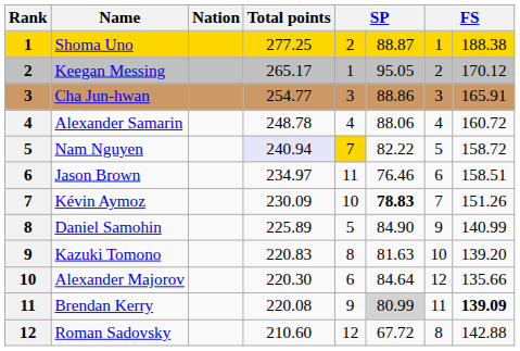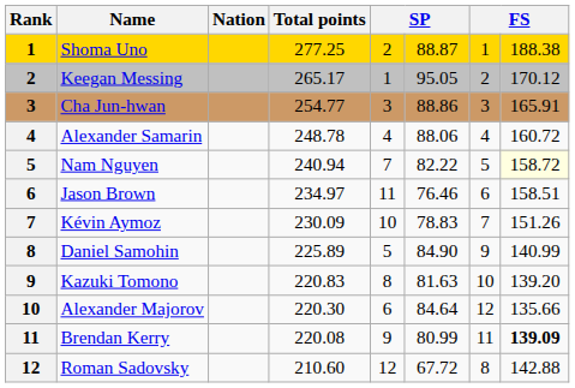 <table class="wikitable sortable">
 <tr>
 <th>Rank</th>
 <th>Name</th>
 <th>Nation</th>
 <th>Total points</th>
 <th colspan="2" width="80px"><a href='#'>SP</a></th>
 <th colspan="2" width="80px"><a href='#'>FS</a></th>
 </tr>
 <tr bgcolor="gold">
 <td align="center"><strong>1</strong></td>
 <td><a href='#'>Shoma Uno</a></td>
 <td></td>
 <td align="center">277.25</td>
 <td align="center">2</td>
 <td align="center">88.87</td>
 <td align="center">1</td>
 <td align="center">188.38</td>
 </tr>
 <tr bgcolor="silver">
 <td align="center"><strong>2</strong></td>
 <td><a href='#'>Keegan Messing</a></td>
 <td></td>
 <td align="center">265.17</td>
 <td align="center">1</td>
 <td align="center">95.05</td>
 <td align="center">2</td>
 <td align="center">170.12</td>
 </tr>
 <tr bgcolor="cc9966">
 <td align="center"><strong>3</strong></td>
 <td><a href='#'>Cha Jun-hwan</a></td>
 <td></td>
 <td align="center">254.77</td>
 <td align="center">3</td>
 <td align="center">88.86</td>
 <td align="center">3</td>
 <td align="center">165.91</td>
 </tr>
 <tr>
 <th>4</th>
 <td><a href='#'>Alexander Samarin</a></td>
 <td></td>
 <td align="center">248.78</td>
 <td align="center">4</td>
 <td align="center">88.06</td>
 <td align="center">4</td>
 <td align="center">160.72</td>
 </tr>
 <tr>
 <th>5</th>
 <td><a href='#'>Nam Nguyen</a></td>
 <td></td>
-<td align="center" style="background: lavender;">240.94</td>
-<td align="center" style="background: gold;">7</td>
+<td align="center">240.94</td>
+<td align="center">7</td>
 <td align="center">82.22</td>
 <td align="center">5</td>
-<td align="center">158.72</td>
+<td align="center" style="background: lightyellow;">158.72</td>
 </tr>
 <tr>
 <th>6</th>
 <td><a href='#'>Jason Brown</a></td>
 <td></td>
 <td align="center">234.97</td>
 <td align="center">11</td>
 <td align="center">76.46</td>
 <td align="center">6</td>
 <td align="center">158.51</td>
 </tr>
 <tr>
 <th>7</th>
 <td><a href='#'>Kévin Aymoz</a></td>
 <td></td>
 <td align="center">230.09</td>
 <td align="center">10</td>
-<td align="center"><strong>78.83</strong></td>
+<td align="center">78.83</td>
 <td align="center">7</td>
 <td align="center">151.26</td>
 </tr>
 <tr>
 <th>8</th>
 <td><a href='#'>Daniel Samohin</a></td>
 <td></td>
 <td align="center">225.89</td>
 <td align="center">5</td>
 <td align="center">84.90</td>
 <td align="center">9</td>
 <td align="center">140.99</td>
 </tr>
 <tr>
 <th>9</th>
 <td><a href='#'>Kazuki Tomono</a></td>
 <td></td>
 <td align="center">220.83</td>
 <td align="center">8</td>
 <td align="center">81.63</td>
 <td align="center">10</td>
 <td align="center">139.20</td>
 </tr>
 <tr>
 <th>10</th>
 <td><a href='#'>Alexander Majorov</a></td>
 <td></td>
 <td align="center">220.30</td>
 <td align="center">6</td>
 <td align="center">84.64</td>
 <td align="center">12</td>
 <td align="center">135.66</td>
 </tr>
 <tr>
 <th>11</th>
 <td><a href='#'>Brendan Kerry</a></td>
 <td></td>
 <td align="center">220.08</td>
 <td align="center">9</td>
-<td align="center" style="background: lightgrey;">80.99</td>
+<td align="center">80.99</td>
 <td align="center">11</td>
 <td align="center"><strong>139.09</strong></td>
 </tr>
 <tr>
 <th>12</th>
 <td><a href='#'>Roman Sadovsky</a></td>
 <td></td>
 <td align="center">210.60</td>
 <td align="center">12</td>
 <td align="center">67.72</td>
 <td align="center">8</td>
 <td align="center">142.88</td>
 </tr>
 </table>
